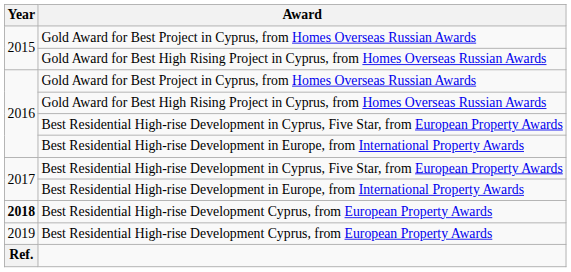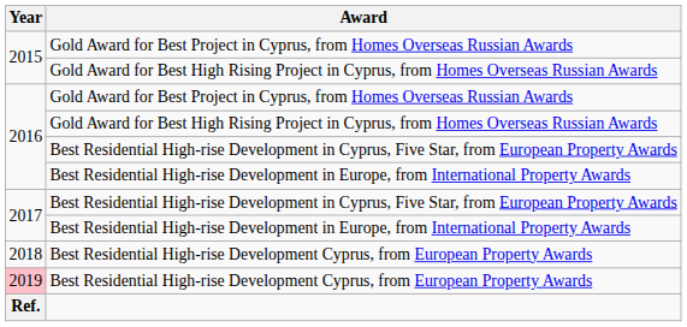 <table class="wikitable">
 <tr>
 <th>Year</th>
 <th>Award</th>
 </tr>
 <tr>
 <td rowspan="2">2015</td>
 <td>Gold Award for Best Project in Cyprus, from <a href='#'>Homes Overseas Russian Awards</a></td>
 </tr>
 <tr>
 <td>Gold Award for Best High Rising Project in Cyprus, from <a href='#'>Homes Overseas Russian Awards</a></td>
 </tr>
 <tr>
 <td rowspan="4">2016</td>
 <td>Gold Award for Best Project in Cyprus, from <a href='#'>Homes Overseas Russian Awards</a></td>
 </tr>
 <tr>
 <td>Gold Award for Best High Rising Project in Cyprus, from <a href='#'>Homes Overseas Russian Awards</a></td>
 </tr>
 <tr>
 <td>Best Residential High-rise Development in Cyprus, Five Star, from <a href='#'>European Property Awards</a></td>
 </tr>
 <tr>
 <td>Best Residential High-rise Development in Europe, from <a href='#'>International Property Awards</a></td>
 </tr>
 <tr>
 <td rowspan="2">2017</td>
 <td>Best Residential High-rise Development in Cyprus, Five Star, from <a href='#'>European Property Awards</a></td>
 </tr>
 <tr>
 <td>Best Residential High-rise Development in Europe, from <a href='#'>International Property Awards</a></td>
 </tr>
 <tr>
-<td><strong>2018</strong></td>
+<td>2018</td>
 <td>Best Residential High-rise Development Cyprus, from <a href='#'>European Property Awards</a></td>
 </tr>
 <tr>
-<td>2019</td>
+<td style="background: pink;">2019</td>
 <td>Best Residential High-rise Development Cyprus, from <a href='#'>European Property Awards</a></td>
 </tr>
 <tr>
 <th>Ref.</th>
 <td></td>
 </tr>
 </table>
